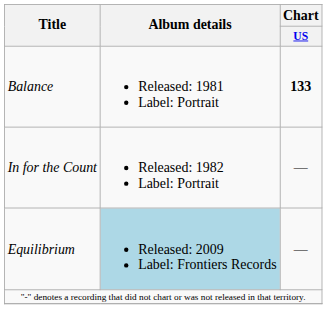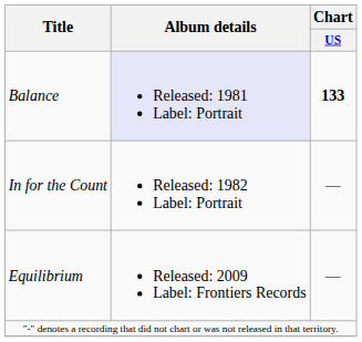 <table Class = "wikitable">
 <tr>
 <th rowspan = "2">Title</th>
 <th rowspan = "2">Album details</th>
 <th colspan = "1">Chart</th>
 </tr>
 <tr Style = "font-size: smaller;">
 <th><a href='#'>US</a></th>
 </tr>
 <tr>
 <td rowspan="1"><em>Balance</em></td>
-<td><br><ul><li>Released: 1981</li><li>Label: Portrait</li></ul></td>
+<td style="background: lavender;"><br><ul><li>Released: 1981</li><li>Label: Portrait</li></ul></td>
 <td align = "center"><strong>133</strong></td>
 </tr>
 <tr>
 <td rowspan="1"><em>In for the Count</em></td>
 <td><br><ul><li>Released: 1982</li><li>Label: Portrait</li></ul></td>
 <td align = "center">—</td>
 </tr>
 <tr>
 <td rowspan="1"><em>Equilibrium</em></td>
-<td style="background: lightblue;"><br><ul><li>Released: 2009</li><li>Label: Frontiers Records</li></ul></td>
+<td><br><ul><li>Released: 2009</li><li>Label: Frontiers Records</li></ul></td>
 <td align = "center">—</td>
 </tr>
 <tr>
 <td align = "center" colspan = "16" style = "font-size: 8pt">"-" denotes a recording that did not chart or was not released in that territory.</td>
 </tr>
 <tr>
 </tr>
 </table>
